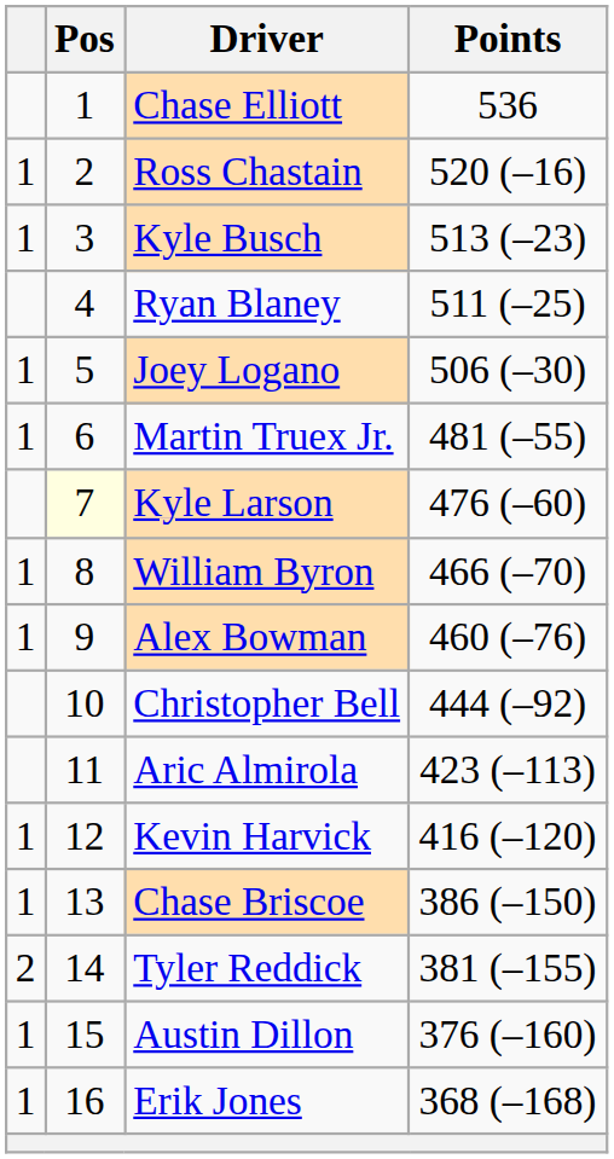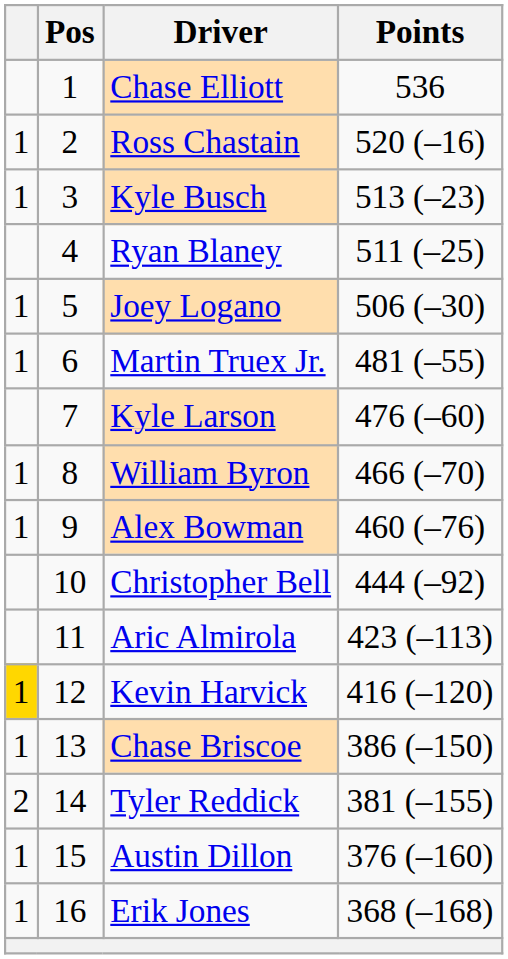 <table class="wikitable" style="font-size: 95%;">
 <tr>
 <th></th>
 <th>Pos</th>
 <th>Driver</th>
 <th>Points</th>
 </tr>
 <tr>
 <td align="left"></td>
 <td style="text-align:center;">1</td>
 <td style="background:#FFDEAD;"><a href='#'>Chase Elliott</a></td>
 <td style="text-align:center;">536</td>
 </tr>
 <tr>
 <td align="left"> 1</td>
 <td style="text-align:center;">2</td>
 <td style="background:#FFDEAD;"><a href='#'>Ross Chastain</a></td>
 <td style="text-align:center;">520 (–16)</td>
 </tr>
 <tr>
 <td align="left"> 1</td>
 <td style="text-align:center;">3</td>
 <td style="background:#FFDEAD;"><a href='#'>Kyle Busch</a></td>
 <td style="text-align:center;">513 (–23)</td>
 </tr>
 <tr>
 <td align="left"></td>
 <td style="text-align:center;">4</td>
 <td><a href='#'>Ryan Blaney</a></td>
 <td style="text-align:center;">511 (–25)</td>
 </tr>
 <tr>
 <td align="left"> 1</td>
 <td style="text-align:center;">5</td>
 <td style="background:#FFDEAD;"><a href='#'>Joey Logano</a></td>
 <td style="text-align:center;">506 (–30)</td>
 </tr>
 <tr>
 <td align="left"> 1</td>
 <td style="text-align:center;">6</td>
 <td><a href='#'>Martin Truex Jr.</a></td>
 <td style="text-align:center;">481 (–55)</td>
 </tr>
 <tr>
 <td align="left"></td>
-<td style="background: lightyellow; text-align:center;">7</td>
+<td style="text-align:center;">7</td>
 <td style="background:#FFDEAD;"><a href='#'>Kyle Larson</a></td>
 <td style="text-align:center;">476 (–60)</td>
 </tr>
 <tr>
 <td align="left"> 1</td>
 <td style="text-align:center;">8</td>
 <td style="background:#FFDEAD;"><a href='#'>William Byron</a></td>
 <td style="text-align:center;">466 (–70)</td>
 </tr>
 <tr>
 <td align="left"> 1</td>
 <td style="text-align:center;">9</td>
 <td style="background:#FFDEAD;"><a href='#'>Alex Bowman</a></td>
 <td style="text-align:center;">460 (–76)</td>
 </tr>
 <tr>
 <td align="left"></td>
 <td style="text-align:center;">10</td>
 <td><a href='#'>Christopher Bell</a></td>
 <td style="text-align:center;">444 (–92)</td>
 </tr>
 <tr>
 <td align="left"></td>
 <td style="text-align:center;">11</td>
 <td><a href='#'>Aric Almirola</a></td>
 <td style="text-align:center;">423 (–113)</td>
 </tr>
 <tr>
-<td align="left"> 1</td>
+<td align="left" style="background: gold;"> 1</td>
 <td style="text-align:center;">12</td>
 <td><a href='#'>Kevin Harvick</a></td>
 <td style="text-align:center;">416 (–120)</td>
 </tr>
 <tr>
 <td align="left"> 1</td>
 <td style="text-align:center;">13</td>
 <td style="background:#FFDEAD;"><a href='#'>Chase Briscoe</a></td>
 <td style="text-align:center;">386 (–150)</td>
 </tr>
 <tr>
 <td align="left"> 2</td>
 <td style="text-align:center;">14</td>
 <td><a href='#'>Tyler Reddick</a></td>
 <td style="text-align:center;">381 (–155)</td>
 </tr>
 <tr>
 <td align="left"> 1</td>
 <td style="text-align:center;">15</td>
 <td><a href='#'>Austin Dillon</a></td>
 <td style="text-align:center;">376 (–160)</td>
 </tr>
 <tr>
 <td align="left"> 1</td>
 <td style="text-align:center;">16</td>
 <td><a href='#'>Erik Jones</a></td>
 <td style="text-align:center;">368 (–168)</td>
 </tr>
 <tr class="sortbottom">
 <th colspan="9"></th>
 </tr>
 </table>
